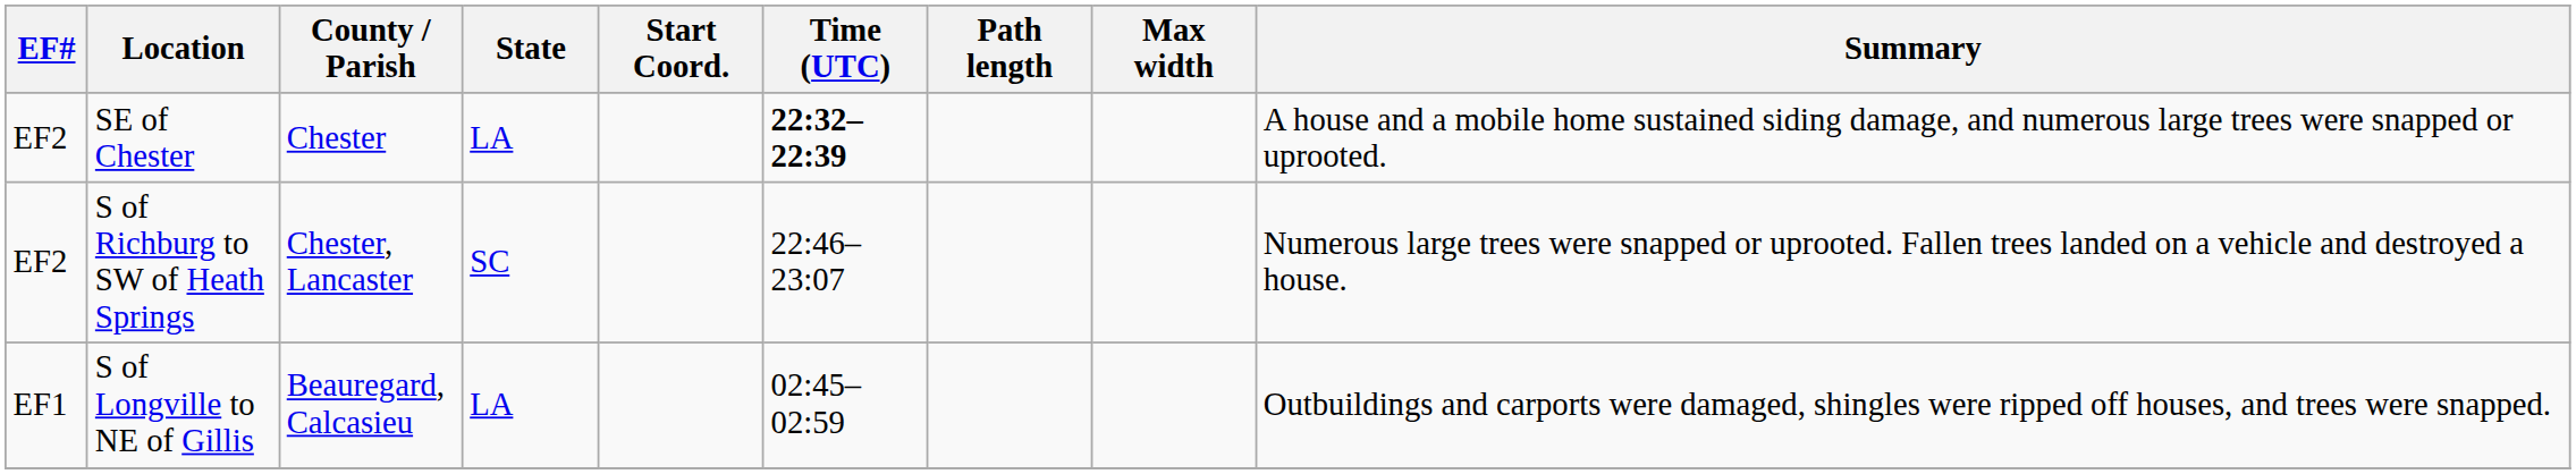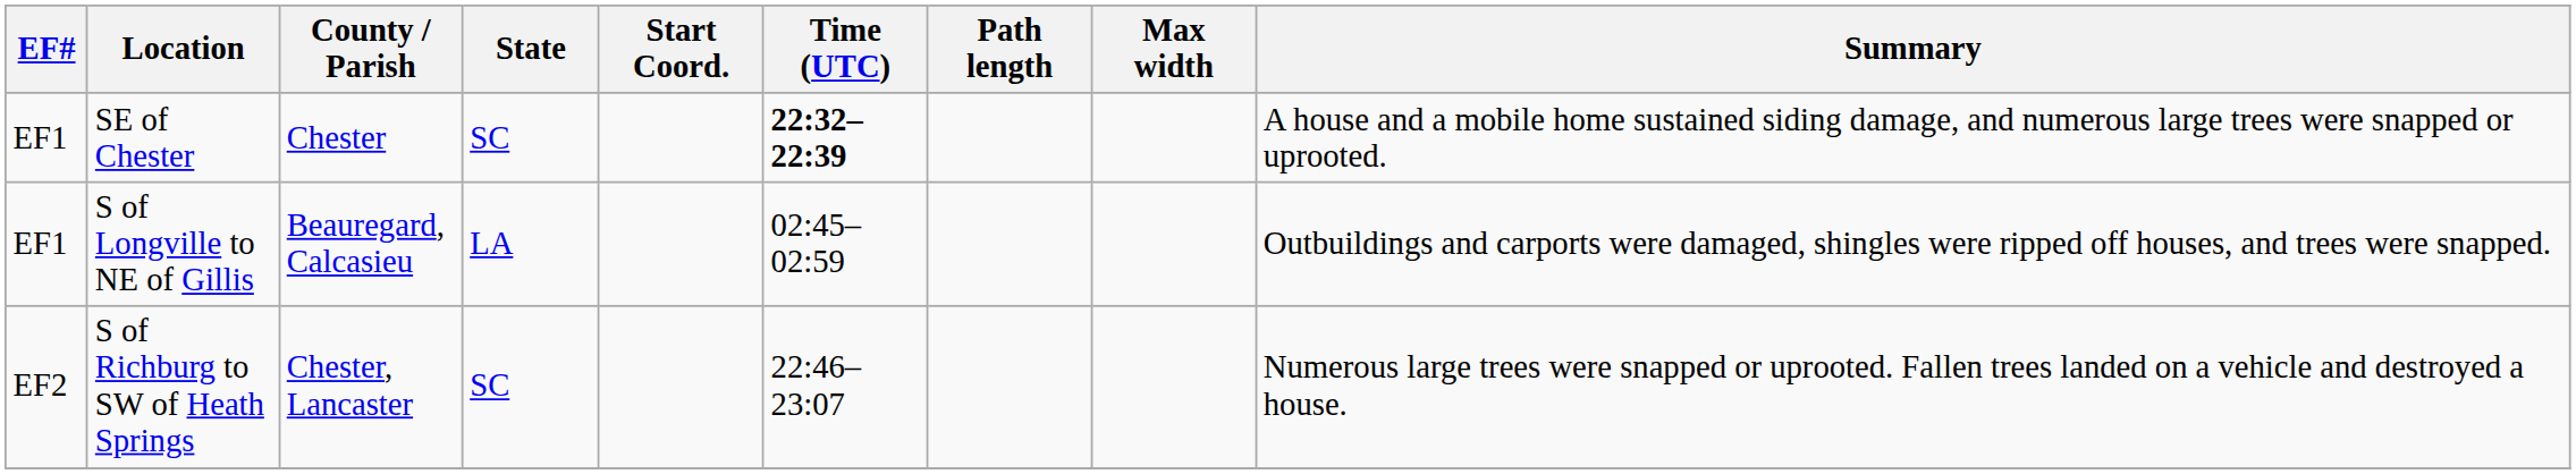 <table class="wikitable sortable" style="width:100%;">
 <tr>
 <th scope="col"  style="width:3%; text-align:center;"><a href='#'>EF#</a></th>
 <th scope="col"  style="width:7%; text-align:center;" class="unsortable">Location</th>
 <th scope="col"  style="width:6%; text-align:center;" class="unsortable">County / Parish</th>
 <th scope="col"  style="width:5%; text-align:center;">State</th>
 <th scope="col"  style="width:6%; text-align:center;">Start Coord.</th>
 <th scope="col"  style="width:6%; text-align:center;">Time (<a href='#'>UTC</a>)</th>
 <th scope="col"  style="width:6%; text-align:center;">Path length</th>
 <th scope="col"  style="width:6%; text-align:center;">Max width</th>
 <th scope="col" class="unsortable" style="width:48%; text-align:center;">Summary</th>
 </tr>
 <tr>
-<td>EF2</td>
+<td>EF1</td>
 <td>SE of <a href='#'>Chester</a></td>
 <td><a href='#'>Chester</a></td>
-<td><a href='#'>LA</a></td>
+<td><a href='#'>SC</a></td>
 <td></td>
 <td><strong>22:32–22:39</strong></td>
 <td></td>
 <td></td>
 <td>A house and a mobile home sustained siding damage, and numerous large trees were snapped or uprooted.</td>
+</tr>
+<tr>
+<td>EF1</td>
+<td>S of <a href='#'>Longville</a> to NE of <a href='#'>Gillis</a></td>
+<td><a href='#'>Beauregard</a>, <a href='#'>Calcasieu</a></td>
+<td><a href='#'>LA</a></td>
+<td></td>
+<td>02:45–02:59</td>
+<td></td>
+<td></td>
+<td>Outbuildings and carports were damaged, shingles were ripped off houses, and trees were snapped.</td>
 </tr>
 <tr>
 <td>EF2</td>
 <td>S of <a href='#'>Richburg</a> to SW of <a href='#'>Heath Springs</a></td>
 <td><a href='#'>Chester</a>, <a href='#'>Lancaster</a></td>
 <td><a href='#'>SC</a></td>
 <td></td>
 <td>22:46–23:07</td>
 <td></td>
 <td></td>
 <td>Numerous large trees were snapped or uprooted. Fallen trees landed on a vehicle and destroyed a house.</td>
 </tr>
 <tr>
-<td>EF1</td>
-<td>S of <a href='#'>Longville</a> to NE of <a href='#'>Gillis</a></td>
-<td><a href='#'>Beauregard</a>, <a href='#'>Calcasieu</a></td>
-<td><a href='#'>LA</a></td>
-<td></td>
-<td>02:45–02:59</td>
-<td></td>
-<td></td>
-<td>Outbuildings and carports were damaged, shingles were ripped off houses, and trees were snapped.</td>
-</tr>
-<tr>
 </tr>
 </table>
